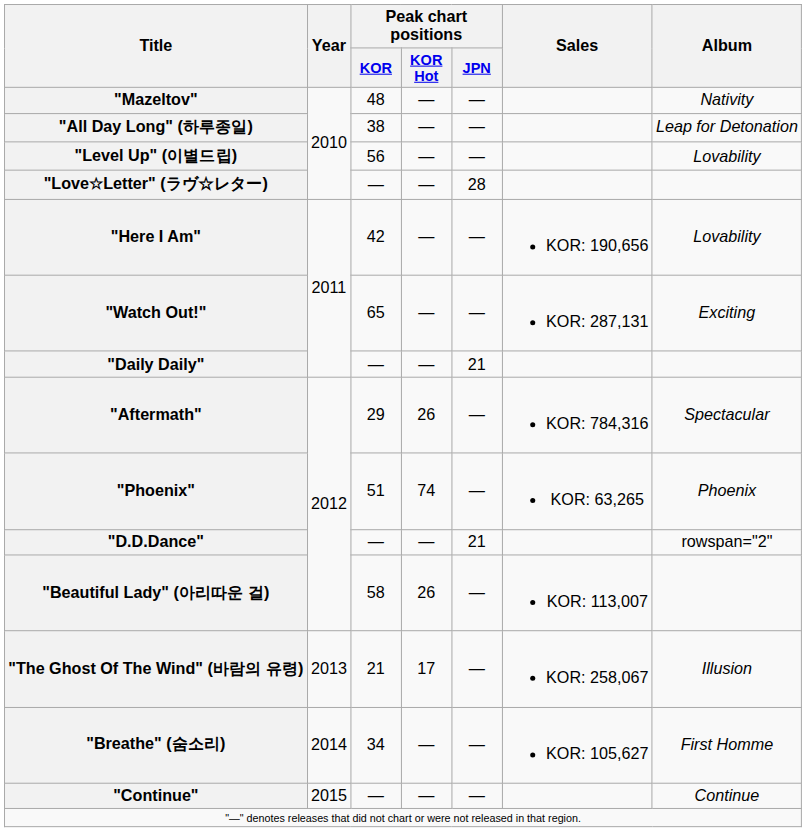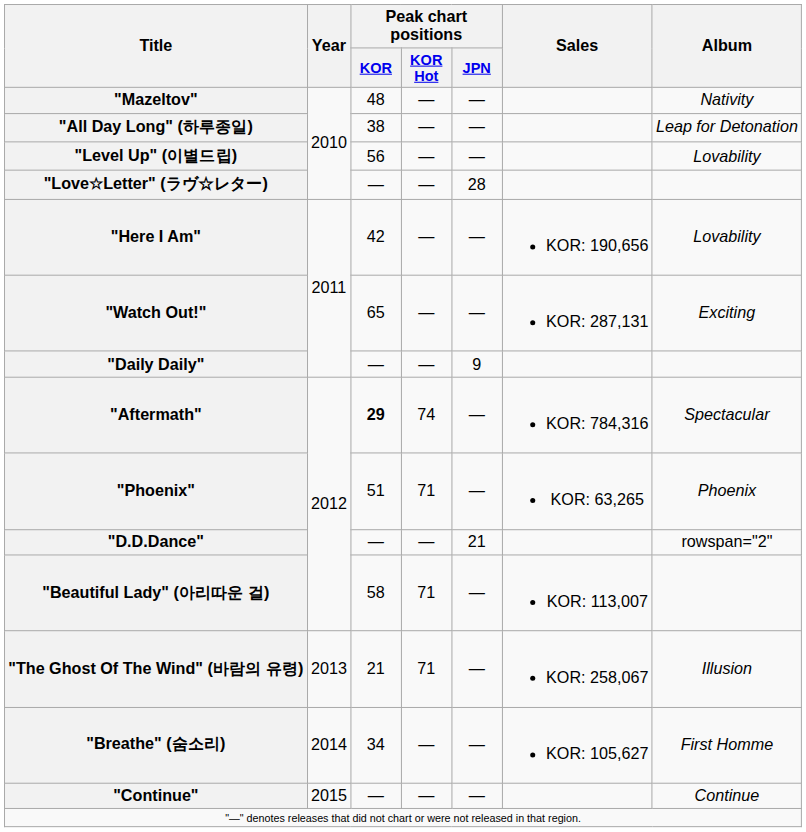 <table class="wikitable plainrowheaders" style="text-align:center;">
 <tr>
 <th scope="col" rowspan="2">Title</th>
 <th scope="col" rowspan="2">Year</th>
 <th scope="col" colspan="3">Peak chart positions</th>
 <th scope="col" rowspan="2">Sales</th>
 <th scope="col" rowspan="2">Album</th>
 </tr>
 <tr>
 <th scope="col" style="width:3em;font-size:90%"><a href='#'>KOR</a><br></th>
 <th scope="col" style="width:3em;font-size:90%"><a href='#'>KOR Hot</a><br></th>
 <th scope="col" style="width:3em;font-size:90%"><a href='#'>JPN</a><br></th>
 </tr>
 <tr>
 <th scope="row">"Mazeltov"</th>
 <td rowspan="4">2010</td>
 <td>48</td>
 <td>—</td>
 <td>—</td>
 <td></td>
 <td><em>Nativity</em></td>
 </tr>
 <tr>
 <th scope="row">"All Day Long" (하루종일)</th>
 <td>38</td>
 <td>—</td>
 <td>—</td>
 <td></td>
 <td><em>Leap for Detonation</em></td>
 </tr>
 <tr>
 <th scope="row">"Level Up" (이별드립)</th>
 <td>56</td>
 <td>—</td>
 <td>—</td>
 <td></td>
 <td><em>Lovability</em></td>
 </tr>
 <tr>
 <th scope="row">"Love☆Letter" (ラヴ☆レター)</th>
 <td>—</td>
 <td>—</td>
 <td>28</td>
 <td></td>
 <td></td>
 </tr>
 <tr>
 <th scope="row">"Here I Am"</th>
 <td rowspan="3">2011</td>
 <td>42</td>
 <td>—</td>
 <td>—</td>
 <td><br><ul><li>KOR: 190,656</li></ul></td>
 <td><em>Lovability</em></td>
 </tr>
 <tr>
 <th scope="row">"Watch Out!"</th>
 <td>65</td>
 <td>—</td>
 <td>—</td>
 <td><br><ul><li>KOR: 287,131</li></ul></td>
 <td><em>Exciting</em></td>
 </tr>
 <tr>
 <th scope="row">"Daily Daily"</th>
 <td>—</td>
 <td>—</td>
-<td>21</td>
+<td>9</td>
 <td></td>
 <td></td>
 </tr>
 <tr>
 <th scope="row">"Aftermath"</th>
 <td rowspan="4">2012</td>
-<td>29</td>
-<td>26</td>
+<td><strong>29</strong></td>
+<td>74</td>
 <td>—</td>
 <td><br><ul><li>KOR: 784,316</li></ul></td>
 <td><em>Spectacular</em></td>
 </tr>
 <tr>
 <th scope="row">"Phoenix"</th>
 <td>51</td>
-<td>74</td>
+<td>71</td>
 <td>—</td>
 <td><br><ul><li>KOR: 63,265</li></ul></td>
 <td><em>Phoenix</em></td>
 </tr>
 <tr>
 <th scope="row">"D.D.Dance"</th>
 <td>—</td>
 <td>—</td>
 <td>21</td>
 <td></td>
 <td>rowspan="2" </td>
 </tr>
 <tr>
 <th scope="row">"Beautiful Lady" (아리따운 걸)</th>
 <td>58</td>
-<td>26</td>
+<td>71</td>
 <td>—</td>
 <td><br><ul><li>KOR: 113,007</li></ul></td>
 </tr>
 <tr>
 <th scope="row">"The Ghost Of The Wind" (바람의 유령)</th>
 <td>2013</td>
 <td>21</td>
-<td>17</td>
+<td>71</td>
 <td>—</td>
 <td><br><ul><li>KOR: 258,067</li></ul></td>
 <td><em>Illusion</em></td>
 </tr>
 <tr>
 <th scope="row">"Breathe" (숨소리)</th>
 <td>2014</td>
 <td>34</td>
 <td>—</td>
 <td>—</td>
 <td><br><ul><li>KOR: 105,627</li></ul></td>
 <td><em>First Homme</em></td>
 </tr>
 <tr>
 <th scope="row">"Continue"</th>
 <td>2015</td>
 <td>—</td>
 <td>—</td>
 <td>—</td>
 <td></td>
 <td><em>Continue</em></td>
 </tr>
 <tr>
 <td colspan="7" style="font-size:8pt;">"—" denotes releases that did not chart or were not released in that region.</td>
 </tr>
 </table>
